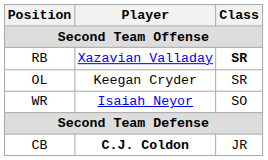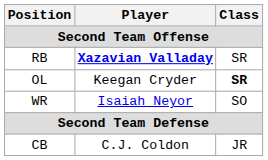 <table class="wikitable" border="0">
 <tr>
 <th>Position</th>
 <th>Player</th>
 <th>Class</th>
 </tr>
 <tr>
 <td colspan="3" style="text-align:center; background:#ddd;"><strong>Second Team Offense</strong></td>
 </tr>
 <tr style="text-align:center;">
 <td style="background:white">RB</td>
-<td style="background:white"><a href='#'>Xazavian Valladay</a></td>
-<td style="background:white"><strong>SR</strong></td>
+<td style="background:white"><strong><a href='#'>Xazavian Valladay</a></strong></td>
+<td style="background:white">SR</td>
 </tr>
 <tr style="text-align:center;">
 <td style="background:white">OL</td>
 <td style="background:white">Keegan Cryder</td>
-<td style="background:white">SR</td>
+<td style="background:white"><strong>SR</strong></td>
 </tr>
 <tr style="text-align:center;">
 <td style="background:white">WR</td>
 <td style="background:white"><a href='#'>Isaiah Neyor</a></td>
 <td style="background:white">SO</td>
 </tr>
 <tr>
 <td colspan="4" style="text-align:center; background:#ddd;"><strong>Second Team Defense</strong></td>
 </tr>
 <tr style="text-align:center;">
 <td style="background:white">CB</td>
-<td style="background:white"><strong>C.J. Coldon</strong></td>
+<td style="background:white">C.J. Coldon</td>
 <td style="background:white">JR</td>
 </tr>
 </table>
